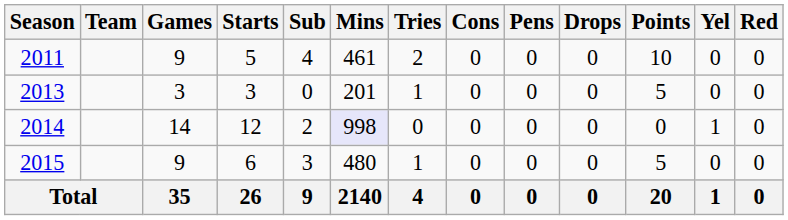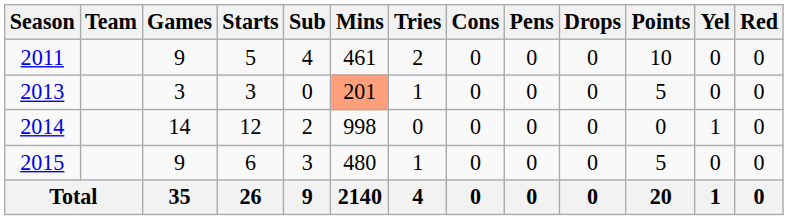 <table class="wikitable" style="text-align:center">
 <tr>
 <th>Season</th>
 <th>Team</th>
 <th>Games</th>
 <th>Starts</th>
 <th>Sub</th>
 <th>Mins</th>
 <th>Tries</th>
 <th>Cons</th>
 <th>Pens</th>
 <th>Drops</th>
 <th>Points</th>
 <th>Yel</th>
 <th>Red</th>
 </tr>
 <tr>
 <td><a href='#'>2011</a></td>
 <td></td>
 <td>9</td>
 <td>5</td>
 <td>4</td>
 <td>461</td>
 <td>2</td>
 <td>0</td>
 <td>0</td>
 <td>0</td>
 <td>10</td>
 <td>0</td>
 <td>0</td>
 </tr>
 <tr>
 <td><a href='#'>2013</a></td>
 <td></td>
 <td>3</td>
 <td>3</td>
 <td>0</td>
-<td>201</td>
+<td style="background: lightsalmon;">201</td>
 <td>1</td>
 <td>0</td>
 <td>0</td>
 <td>0</td>
 <td>5</td>
 <td>0</td>
 <td>0</td>
 </tr>
 <tr>
 <td><a href='#'>2014</a></td>
 <td></td>
 <td>14</td>
 <td>12</td>
 <td>2</td>
-<td style="background: lavender;">998</td>
+<td>998</td>
 <td>0</td>
 <td>0</td>
 <td>0</td>
 <td>0</td>
 <td>0</td>
 <td>1</td>
 <td>0</td>
 </tr>
 <tr>
 <td><a href='#'>2015</a></td>
 <td></td>
 <td>9</td>
 <td>6</td>
 <td>3</td>
 <td>480</td>
 <td>1</td>
 <td>0</td>
 <td>0</td>
 <td>0</td>
 <td>5</td>
 <td>0</td>
 <td>0</td>
 </tr>
 <tr>
 <th colspan="2">Total</th>
 <th>35</th>
 <th>26</th>
 <th>9</th>
 <th>2140</th>
 <th>4</th>
 <th>0</th>
 <th>0</th>
 <th>0</th>
 <th>20</th>
 <th>1</th>
 <th>0</th>
 </tr>
 </table>
